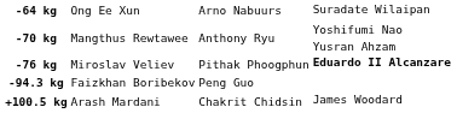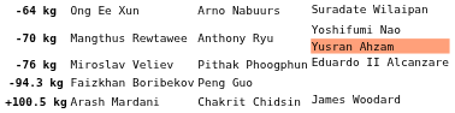 <table>
 <tr>
 <th scope=row rowspan=2>-64 kg</th>
 <td rowspan=2> Ong Ee Xun</td>
 <td rowspan=2> Arno Nabuurs</td>
 <td> Suradate Wilaipan</td>
 </tr>
 <tr>
 <td></td>
 </tr>
 <tr>
 <th scope=row rowspan=2>-70 kg</th>
 <td rowspan=2> Mangthus Rewtawee</td>
 <td rowspan=2> Anthony Ryu</td>
 <td> Yoshifumi Nao</td>
 </tr>
 <tr>
-<td> Yusran Ahzam</td>
+<td style="background: lightsalmon;"> Yusran Ahzam</td>
 </tr>
 <tr>
 <th scope=row rowspan=2>-76 kg</th>
 <td rowspan=2> Miroslav Veliev</td>
 <td rowspan=2> Pithak Phoogphun</td>
-<td><strong> Eduardo II Alcanzare</strong></td>
+<td> Eduardo II Alcanzare</td>
 </tr>
 <tr>
 <td></td>
 </tr>
 <tr>
 <th scope=row rowspan=2>-94.3 kg</th>
 <td rowspan=2> Faizkhan Boribekov</td>
 <td rowspan=2> Peng Guo</td>
 <td></td>
 </tr>
 <tr>
 <td></td>
 </tr>
 <tr>
 <th scope=row rowspan=2>+100.5 kg</th>
 <td rowspan=2> Arash Mardani</td>
 <td rowspan=2> Chakrit Chidsin</td>
 <td> James Woodard</td>
 </tr>
 <tr>
 <td></td>
 </tr>
 </table>
